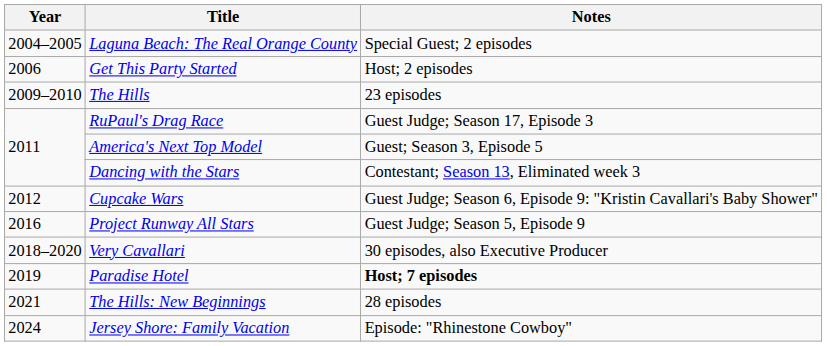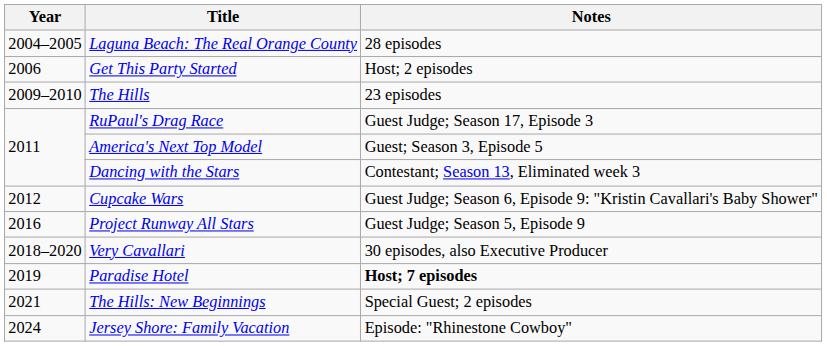 <table class="wikitable sortable">
 <tr>
 <th>Year</th>
 <th>Title</th>
 <th class="unsortable">Notes</th>
 </tr>
 <tr>
 <td>2004–2005</td>
 <td><em><a href='#'>Laguna Beach: The Real Orange County</a></em></td>
-<td>Special Guest; 2 episodes</td>
+<td>28 episodes</td>
 </tr>
 <tr>
 <td>2006</td>
 <td><em><a href='#'>Get This Party Started</a></em></td>
 <td>Host; 2 episodes</td>
 </tr>
 <tr>
 <td>2009–2010</td>
 <td><em><a href='#'>The Hills</a></em></td>
 <td>23 episodes</td>
 </tr>
 <tr>
 <td rowspan="3">2011</td>
 <td><em><a href='#'>RuPaul's Drag Race</a></em></td>
 <td>Guest Judge; Season 17, Episode 3</td>
 </tr>
 <tr>
 <td><em><a href='#'>America's Next Top Model</a></em></td>
 <td>Guest; Season 3, Episode 5</td>
 </tr>
 <tr>
 <td><em><a href='#'>Dancing with the Stars</a></em></td>
 <td>Contestant; <a href='#'>Season 13</a>, Eliminated week 3</td>
 </tr>
 <tr>
 <td>2012</td>
 <td><em><a href='#'>Cupcake Wars</a></em></td>
 <td>Guest Judge; Season 6, Episode 9: "Kristin Cavallari's Baby Shower"</td>
 </tr>
 <tr>
 <td>2016</td>
 <td><em><a href='#'>Project Runway All Stars</a></em></td>
 <td>Guest Judge; Season 5, Episode 9</td>
 </tr>
 <tr>
 <td>2018–2020</td>
 <td><em><a href='#'>Very Cavallari</a></em></td>
 <td>30 episodes, also Executive Producer</td>
 </tr>
 <tr>
 <td>2019</td>
 <td><em><a href='#'>Paradise Hotel</a></em></td>
 <td><strong>Host; 7 episodes</strong></td>
 </tr>
 <tr>
 <td>2021</td>
 <td><em><a href='#'>The Hills: New Beginnings</a></em></td>
-<td>28 episodes</td>
+<td>Special Guest; 2 episodes</td>
 </tr>
 <tr>
 <td>2024</td>
 <td><em><a href='#'>Jersey Shore: Family Vacation</a></em></td>
 <td>Episode: "Rhinestone Cowboy"</td>
 </tr>
 </table>
